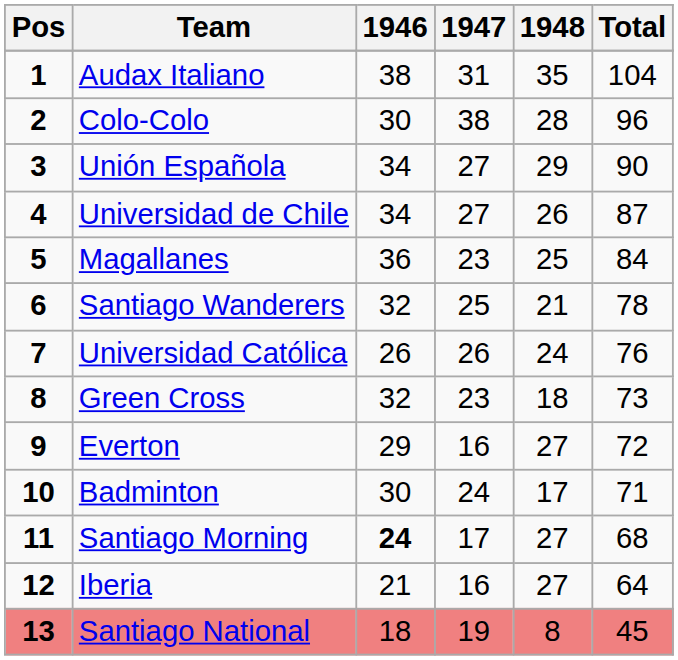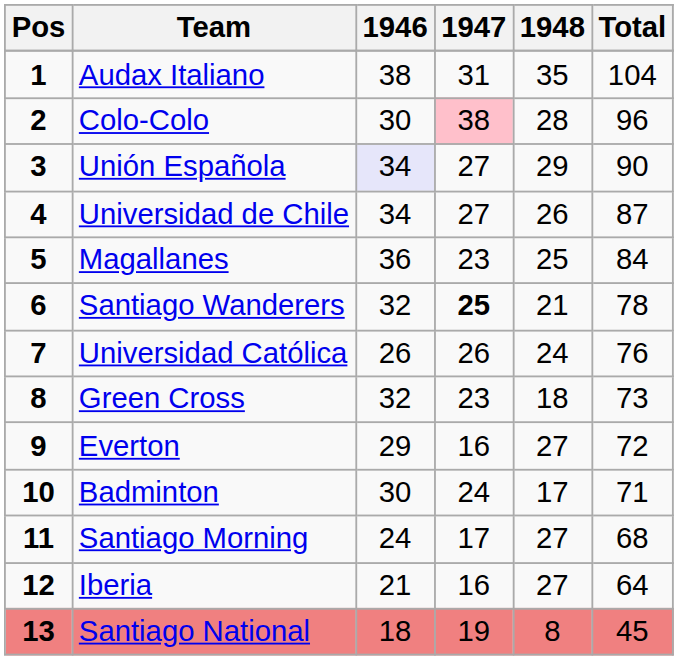 <table class="wikitable sortable">
 <tr>
 <th>Pos</th>
 <th>Team</th>
 <th>1946</th>
 <th>1947</th>
 <th>1948</th>
 <th>Total</th>
 </tr>
 <tr align=center>
 </tr>
 <tr align=center>
 <td><strong>1</strong></td>
 <td align=left><a href='#'>Audax Italiano</a></td>
 <td>38</td>
 <td>31</td>
 <td>35</td>
 <td>104</td>
 </tr>
 <tr align=center>
 <td><strong>2</strong></td>
 <td align=left><a href='#'>Colo-Colo</a></td>
 <td>30</td>
-<td>38</td>
+<td style="background: pink;">38</td>
 <td>28</td>
 <td>96</td>
 </tr>
 <tr align=center>
 <td><strong>3</strong></td>
 <td align=left><a href='#'>Unión Española</a></td>
-<td>34</td>
+<td style="background: lavender;">34</td>
 <td>27</td>
 <td>29</td>
 <td>90</td>
 </tr>
 <tr align=center>
 <td><strong>4</strong></td>
 <td align=left><a href='#'>Universidad de Chile</a></td>
 <td>34</td>
 <td>27</td>
 <td>26</td>
 <td>87</td>
 </tr>
 <tr align=center>
 <td><strong>5</strong></td>
 <td align=left><a href='#'>Magallanes</a></td>
 <td>36</td>
 <td>23</td>
 <td>25</td>
 <td>84</td>
 </tr>
 <tr align=center>
 <td><strong>6</strong></td>
 <td align=left><a href='#'>Santiago Wanderers</a></td>
 <td>32</td>
-<td>25</td>
+<td><strong>25</strong></td>
 <td>21</td>
 <td>78</td>
 </tr>
 <tr align=center>
 <td><strong>7</strong></td>
 <td align=left><a href='#'>Universidad Católica</a></td>
 <td>26</td>
 <td>26</td>
 <td>24</td>
 <td>76</td>
 </tr>
 <tr align=center>
 <td><strong>8</strong></td>
 <td align=left><a href='#'>Green Cross</a></td>
 <td>32</td>
 <td>23</td>
 <td>18</td>
 <td>73</td>
 </tr>
 <tr align=center>
 <td><strong>9</strong></td>
 <td align=left><a href='#'>Everton</a></td>
 <td>29</td>
 <td>16</td>
 <td>27</td>
 <td>72</td>
 </tr>
 <tr align=center>
 <td><strong>10</strong></td>
 <td align=left><a href='#'>Badminton</a></td>
 <td>30</td>
 <td>24</td>
 <td>17</td>
 <td>71</td>
 </tr>
 <tr align=center>
 <td><strong>11</strong></td>
 <td align=left><a href='#'>Santiago Morning</a></td>
-<td><strong>24</strong></td>
+<td>24</td>
 <td>17</td>
 <td>27</td>
 <td>68</td>
 </tr>
 <tr align=center>
 <td><strong>12</strong></td>
 <td align=left><a href='#'>Iberia</a></td>
 <td>21</td>
 <td>16</td>
 <td>27</td>
 <td>64</td>
 </tr>
 <tr align=center style="background:#F08080;">
 <td><strong>13</strong></td>
 <td align=left><a href='#'>Santiago National</a></td>
 <td>18</td>
 <td>19</td>
 <td>8</td>
 <td>45</td>
 </tr>
 </table>
